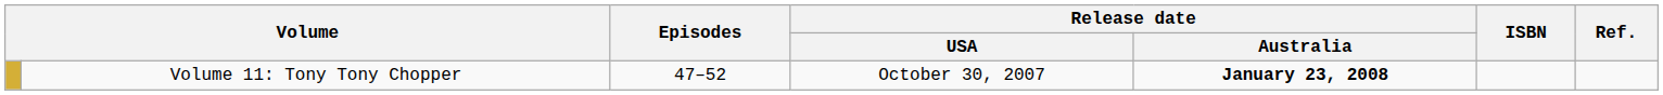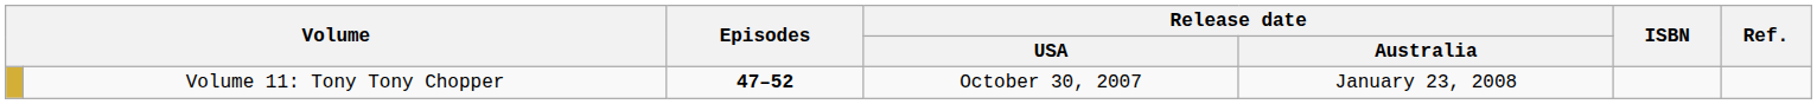 <table class="wikitable" style="text-align: center; width: 98%;">
 <tr>
 <th colspan="2" rowspan="2">Volume</th>
 <th rowspan="2">Episodes</th>
 <th colspan="2">Release date</th>
 <th rowspan="2">ISBN</th>
 <th rowspan="2" width="5%">Ref.</th>
 </tr>
 <tr>
 <th>USA</th>
 <th>Australia</th>
 </tr>
 <tr>
 <td style="background: #D4AF37;" width="1%"></td>
 <td>Volume 11: Tony Tony Chopper</td>
-<td>47–52</td>
+<td><strong>47–52</strong></td>
 <td>October 30, 2007</td>
-<td><strong>January 23, 2008</strong></td>
+<td>January 23, 2008</td>
 <td></td>
 <td></td>
 </tr>
 </table>
